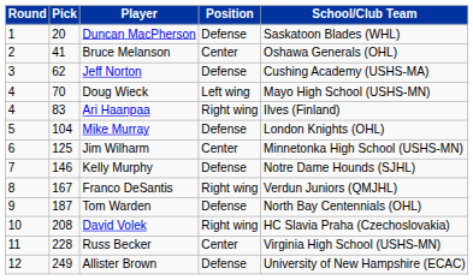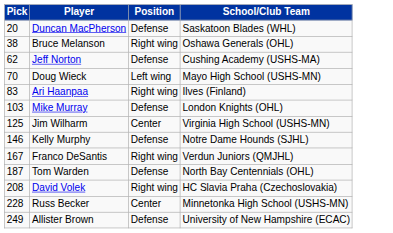 <table class="wikitable">
 <tr>
-<th style="color:white; background:#0033a0; ">Round</th>
 <th style="color:white; background:#0033a0; ">Pick</th>
 <th style="color:white; background:#0033a0; ">Player</th>
 <th style="color:white; background:#0033a0; ">Position</th>
 <th style="color:white; background:#0033a0; ">School/Club Team</th>
 </tr>
 <tr>
-<td>1</td>
 <td>20</td>
 <td><a href='#'>Duncan MacPherson</a></td>
 <td>Defense</td>
 <td>Saskatoon Blades (WHL)</td>
 </tr>
 <tr>
-<td>2</td>
-<td>41</td>
+<td>38</td>
 <td>Bruce Melanson</td>
-<td>Center</td>
+<td>Right wing</td>
 <td>Oshawa Generals (OHL)</td>
 </tr>
 <tr>
-<td>3</td>
 <td>62</td>
 <td><a href='#'>Jeff Norton</a></td>
 <td>Defense</td>
 <td>Cushing Academy (USHS-MA)</td>
 </tr>
 <tr>
-<td>4</td>
 <td>70</td>
 <td>Doug Wieck</td>
 <td>Left wing</td>
 <td>Mayo High School (USHS-MN)</td>
 </tr>
 <tr>
-<td>4</td>
 <td>83</td>
 <td><a href='#'>Ari Haanpaa</a></td>
 <td>Right wing</td>
 <td>Ilves (Finland)</td>
 </tr>
 <tr>
-<td>5</td>
-<td>104</td>
+<td>103</td>
 <td><a href='#'>Mike Murray</a></td>
 <td>Defense</td>
 <td>London Knights (OHL)</td>
 </tr>
 <tr>
-<td>6</td>
 <td>125</td>
 <td>Jim Wilharm</td>
 <td>Center</td>
-<td>Minnetonka High School (USHS-MN)</td>
+<td>Virginia High School (USHS-MN)</td>
 </tr>
 <tr>
-<td>7</td>
 <td>146</td>
 <td>Kelly Murphy</td>
 <td>Defense</td>
 <td>Notre Dame Hounds (SJHL)</td>
 </tr>
 <tr>
-<td>8</td>
 <td>167</td>
 <td>Franco DeSantis</td>
 <td>Right wing</td>
 <td>Verdun Juniors (QMJHL)</td>
 </tr>
 <tr>
-<td>9</td>
 <td>187</td>
 <td>Tom Warden</td>
 <td>Defense</td>
 <td>North Bay Centennials (OHL)</td>
 </tr>
 <tr>
-<td>10</td>
 <td>208</td>
 <td><a href='#'>David Volek</a></td>
 <td>Right wing</td>
 <td>HC Slavia Praha (Czechoslovakia)</td>
 </tr>
 <tr>
-<td>11</td>
 <td>228</td>
 <td>Russ Becker</td>
 <td>Center</td>
-<td>Virginia High School (USHS-MN)</td>
+<td>Minnetonka High School (USHS-MN)</td>
 </tr>
 <tr>
-<td>12</td>
 <td>249</td>
 <td>Allister Brown</td>
 <td>Defense</td>
 <td>University of New Hampshire (ECAC)</td>
 </tr>
 </table>
